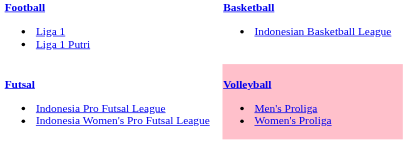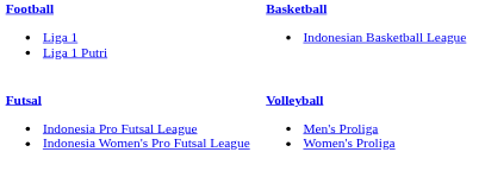 <table style="margin:auto;">
 <tr>
 <td style="padding-right:1em; vertical-align:top;"><br><div><strong><a href='#'>Football</a></strong></div><ul><li> <a href='#'>Liga 1</a></li><li> <a href='#'>Liga 1 Putri</a></li></ul></td>
 <td style="padding-right:1em; vertical-align:top;"><br><div><strong><a href='#'>Basketball</a></strong></div><ul><li> <a href='#'>Indonesian Basketball League</a></li></ul></td>
 </tr>
 <tr>
 <td style="padding-right:1em; vertical-align:top;"><br><div><strong><a href='#'>Futsal</a></strong></div><ul><li> <a href='#'>Indonesia Pro Futsal League</a></li><li> <a href='#'>Indonesia Women's Pro Futsal League</a></li></ul></td>
-<td style="background: pink; padding-right:1em; vertical-align:top;"><br><div><strong><a href='#'>Volleyball</a></strong></div><ul><li> <a href='#'>Men's Proliga</a></li><li> <a href='#'>Women's Proliga</a></li></ul></td>
+<td style="padding-right:1em; vertical-align:top;"><br><div><strong><a href='#'>Volleyball</a></strong></div><ul><li> <a href='#'>Men's Proliga</a></li><li> <a href='#'>Women's Proliga</a></li></ul></td>
 </tr>
 </table>
